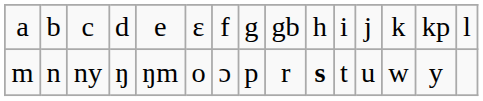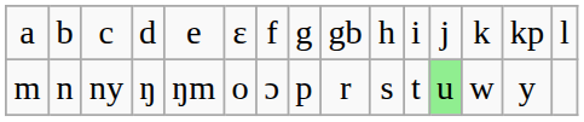 <table class="wikitable" style="text-align: center;">
 <tr>
 <td>a</td>
 <td>b</td>
 <td>c</td>
 <td>d</td>
 <td>e</td>
 <td>ɛ</td>
 <td>f</td>
 <td>g</td>
 <td>gb</td>
 <td>h</td>
 <td>i</td>
 <td>j</td>
 <td>k</td>
 <td>kp</td>
 <td>l</td>
 </tr>
 <tr>
 <td>m</td>
 <td>n</td>
 <td>ny</td>
 <td>ŋ</td>
 <td>ŋm</td>
 <td>o</td>
 <td>ɔ</td>
 <td>p</td>
 <td>r</td>
-<td><strong>s</strong></td>
+<td>s</td>
 <td>t</td>
-<td>u</td>
+<td style="background: lightgreen;">u</td>
 <td>w</td>
 <td>y</td>
 </tr>
 </table>
